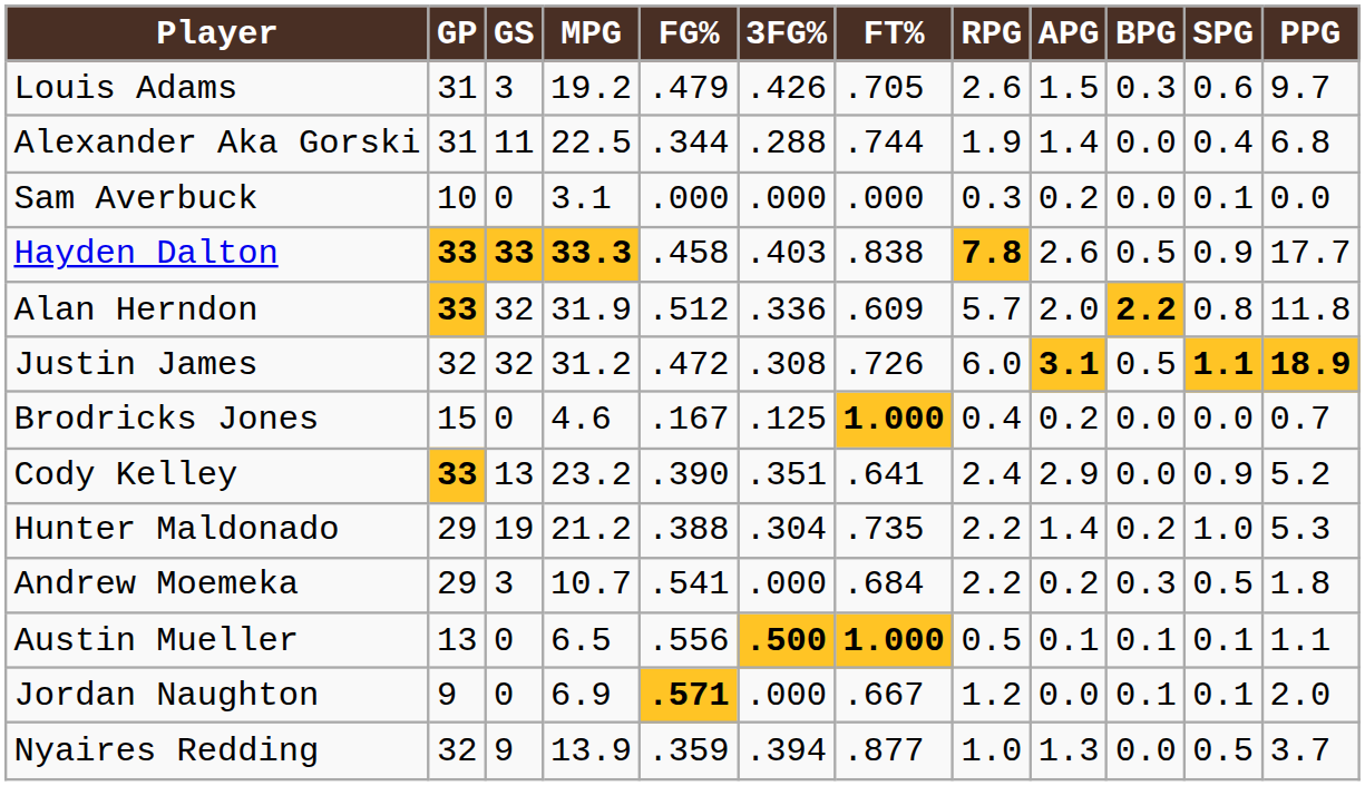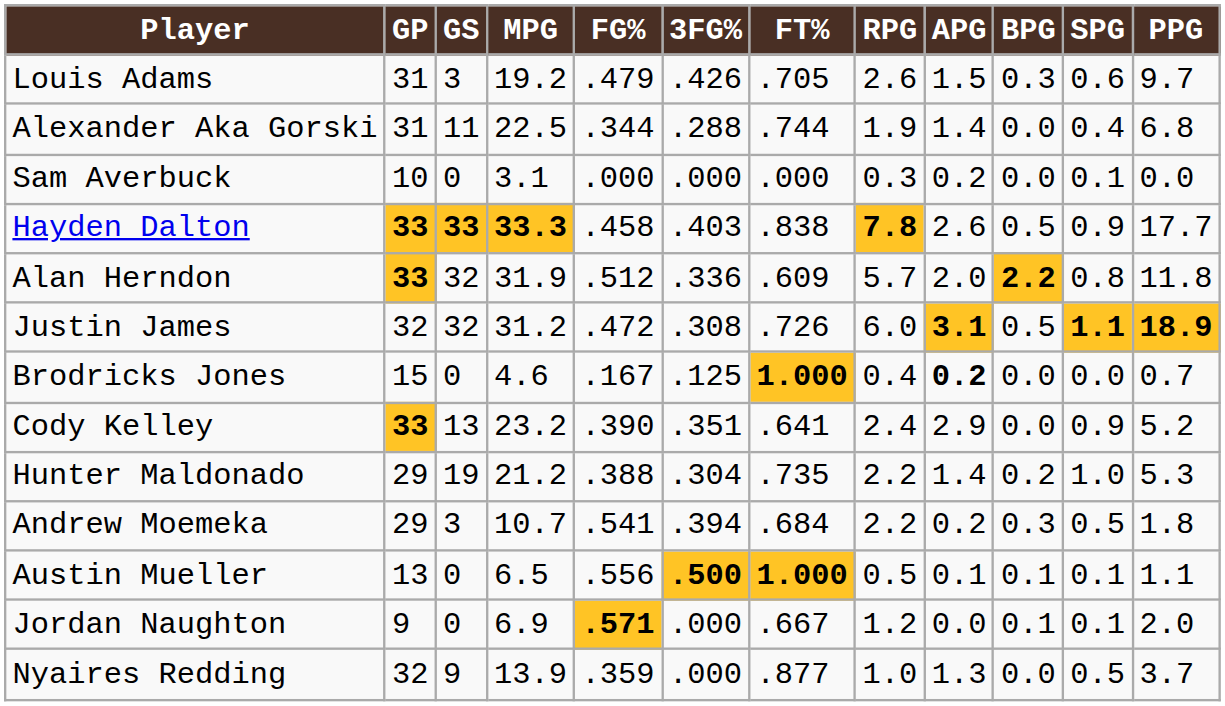 <table class="wikitable sortable">
 <tr>
 <th style="background:#492f24; color:white">Player</th>
 <th style="background:#492f24; color:white">GP</th>
 <th style="background:#492f24; color:white">GS</th>
 <th style="background:#492f24; color:white">MPG</th>
 <th style="background:#492f24; color:white">FG%</th>
 <th style="background:#492f24; color:white">3FG%</th>
 <th style="background:#492f24; color:white">FT%</th>
 <th style="background:#492f24; color:white;">RPG</th>
 <th style="background:#492f24; color:white;">APG</th>
 <th style="background:#492f24; color:white;">BPG</th>
 <th style="background:#492f24; color:white;">SPG</th>
 <th style="background:#492f24; color:white;">PPG</th>
 </tr>
 <tr>
 <td>Louis Adams</td>
 <td>31</td>
 <td>3</td>
 <td>19.2</td>
 <td>.479</td>
 <td>.426</td>
 <td>.705</td>
 <td>2.6</td>
 <td>1.5</td>
 <td>0.3</td>
 <td>0.6</td>
 <td>9.7</td>
 </tr>
 <tr>
 <td>Alexander Aka Gorski</td>
 <td>31</td>
 <td>11</td>
 <td>22.5</td>
 <td>.344</td>
 <td>.288</td>
 <td>.744</td>
 <td>1.9</td>
 <td>1.4</td>
 <td>0.0</td>
 <td>0.4</td>
 <td>6.8</td>
 </tr>
 <tr>
 <td>Sam Averbuck</td>
 <td>10</td>
 <td>0</td>
 <td>3.1</td>
 <td>.000</td>
 <td>.000</td>
 <td>.000</td>
 <td>0.3</td>
 <td>0.2</td>
 <td>0.0</td>
 <td>0.1</td>
 <td>0.0</td>
 </tr>
 <tr>
 <td><a href='#'>Hayden Dalton</a></td>
 <td style="background:#ffc425"><strong>33</strong></td>
 <td style="background:#ffc425"><strong>33</strong></td>
 <td style="background:#ffc425"><strong>33.3</strong></td>
 <td>.458</td>
 <td>.403</td>
 <td>.838</td>
 <td style="background:#ffc425"><strong>7.8</strong></td>
 <td>2.6</td>
 <td>0.5</td>
 <td>0.9</td>
 <td>17.7</td>
 </tr>
 <tr>
 <td>Alan Herndon</td>
 <td style="background:#ffc425"><strong>33</strong></td>
 <td>32</td>
 <td>31.9</td>
 <td>.512</td>
 <td>.336</td>
 <td>.609</td>
 <td>5.7</td>
 <td>2.0</td>
 <td style="background:#ffc425"><strong>2.2</strong></td>
 <td>0.8</td>
 <td>11.8</td>
 </tr>
 <tr>
 <td>Justin James</td>
 <td>32</td>
 <td>32</td>
 <td>31.2</td>
 <td>.472</td>
 <td>.308</td>
 <td>.726</td>
 <td>6.0</td>
 <td style="background:#ffc425"><strong>3.1</strong></td>
 <td>0.5</td>
 <td style="background:#ffc425"><strong>1.1</strong></td>
 <td style="background:#ffc425"><strong>18.9</strong></td>
 </tr>
 <tr>
 <td>Brodricks Jones</td>
 <td>15</td>
 <td>0</td>
 <td>4.6</td>
 <td>.167</td>
 <td>.125</td>
 <td style="background:#ffc425"><strong>1.000</strong></td>
 <td>0.4</td>
-<td>0.2</td>
+<td><strong>0.2</strong></td>
 <td>0.0</td>
 <td>0.0</td>
 <td>0.7</td>
 </tr>
 <tr>
 <td>Cody Kelley</td>
 <td style="background:#ffc425"><strong>33</strong></td>
 <td>13</td>
 <td>23.2</td>
 <td>.390</td>
 <td>.351</td>
 <td>.641</td>
 <td>2.4</td>
 <td>2.9</td>
 <td>0.0</td>
 <td>0.9</td>
 <td>5.2</td>
 </tr>
 <tr>
 <td>Hunter Maldonado</td>
 <td>29</td>
 <td>19</td>
 <td>21.2</td>
 <td>.388</td>
 <td>.304</td>
 <td>.735</td>
 <td>2.2</td>
 <td>1.4</td>
 <td>0.2</td>
 <td>1.0</td>
 <td>5.3</td>
 </tr>
 <tr>
 <td>Andrew Moemeka</td>
 <td>29</td>
 <td>3</td>
 <td>10.7</td>
 <td>.541</td>
-<td>.000</td>
+<td>.394</td>
 <td>.684</td>
 <td>2.2</td>
 <td>0.2</td>
 <td>0.3</td>
 <td>0.5</td>
 <td>1.8</td>
 </tr>
 <tr>
 <td>Austin Mueller</td>
 <td>13</td>
 <td>0</td>
 <td>6.5</td>
 <td>.556</td>
 <td style="background:#ffc425"><strong>.500</strong></td>
 <td style="background:#ffc425"><strong>1.000</strong></td>
 <td>0.5</td>
 <td>0.1</td>
 <td>0.1</td>
 <td>0.1</td>
 <td>1.1</td>
 </tr>
 <tr>
 <td>Jordan Naughton</td>
 <td>9</td>
 <td>0</td>
 <td>6.9</td>
 <td style="background:#ffc425"><strong>.571</strong></td>
 <td>.000</td>
 <td>.667</td>
 <td>1.2</td>
 <td>0.0</td>
 <td>0.1</td>
 <td>0.1</td>
 <td>2.0</td>
 </tr>
 <tr>
 <td>Nyaires Redding</td>
 <td>32</td>
 <td>9</td>
 <td>13.9</td>
 <td>.359</td>
-<td>.394</td>
+<td>.000</td>
 <td>.877</td>
 <td>1.0</td>
 <td>1.3</td>
 <td>0.0</td>
 <td>0.5</td>
 <td>3.7</td>
 </tr>
 </table>
